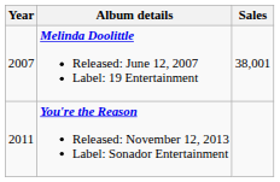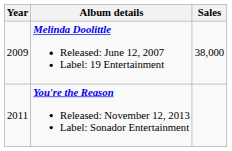 <table class="wikitable" style="text-align:center;">
 <tr>
 <th>Year</th>
 <th>Album details</th>
 <th>Sales</th>
 </tr>
 <tr>
-<td>2007</td>
+<td>2009</td>
 <td style="text-align:left;"><strong><em><a href='#'>Melinda Doolittle</a></em></strong><br><ul><li>Released: June 12, 2007</li><li>Label: 19 Entertainment</li></ul></td>
-<td>38,001</td>
+<td>38,000</td>
 </tr>
 <tr>
 <td>2011</td>
 <td style="text-align:left;"><strong><em><a href='#'>You're the Reason</a></em></strong><br><ul><li>Released: November 12, 2013</li><li>Label: Sonador Entertainment</li></ul></td>
 <td></td>
 </tr>
 </table>
